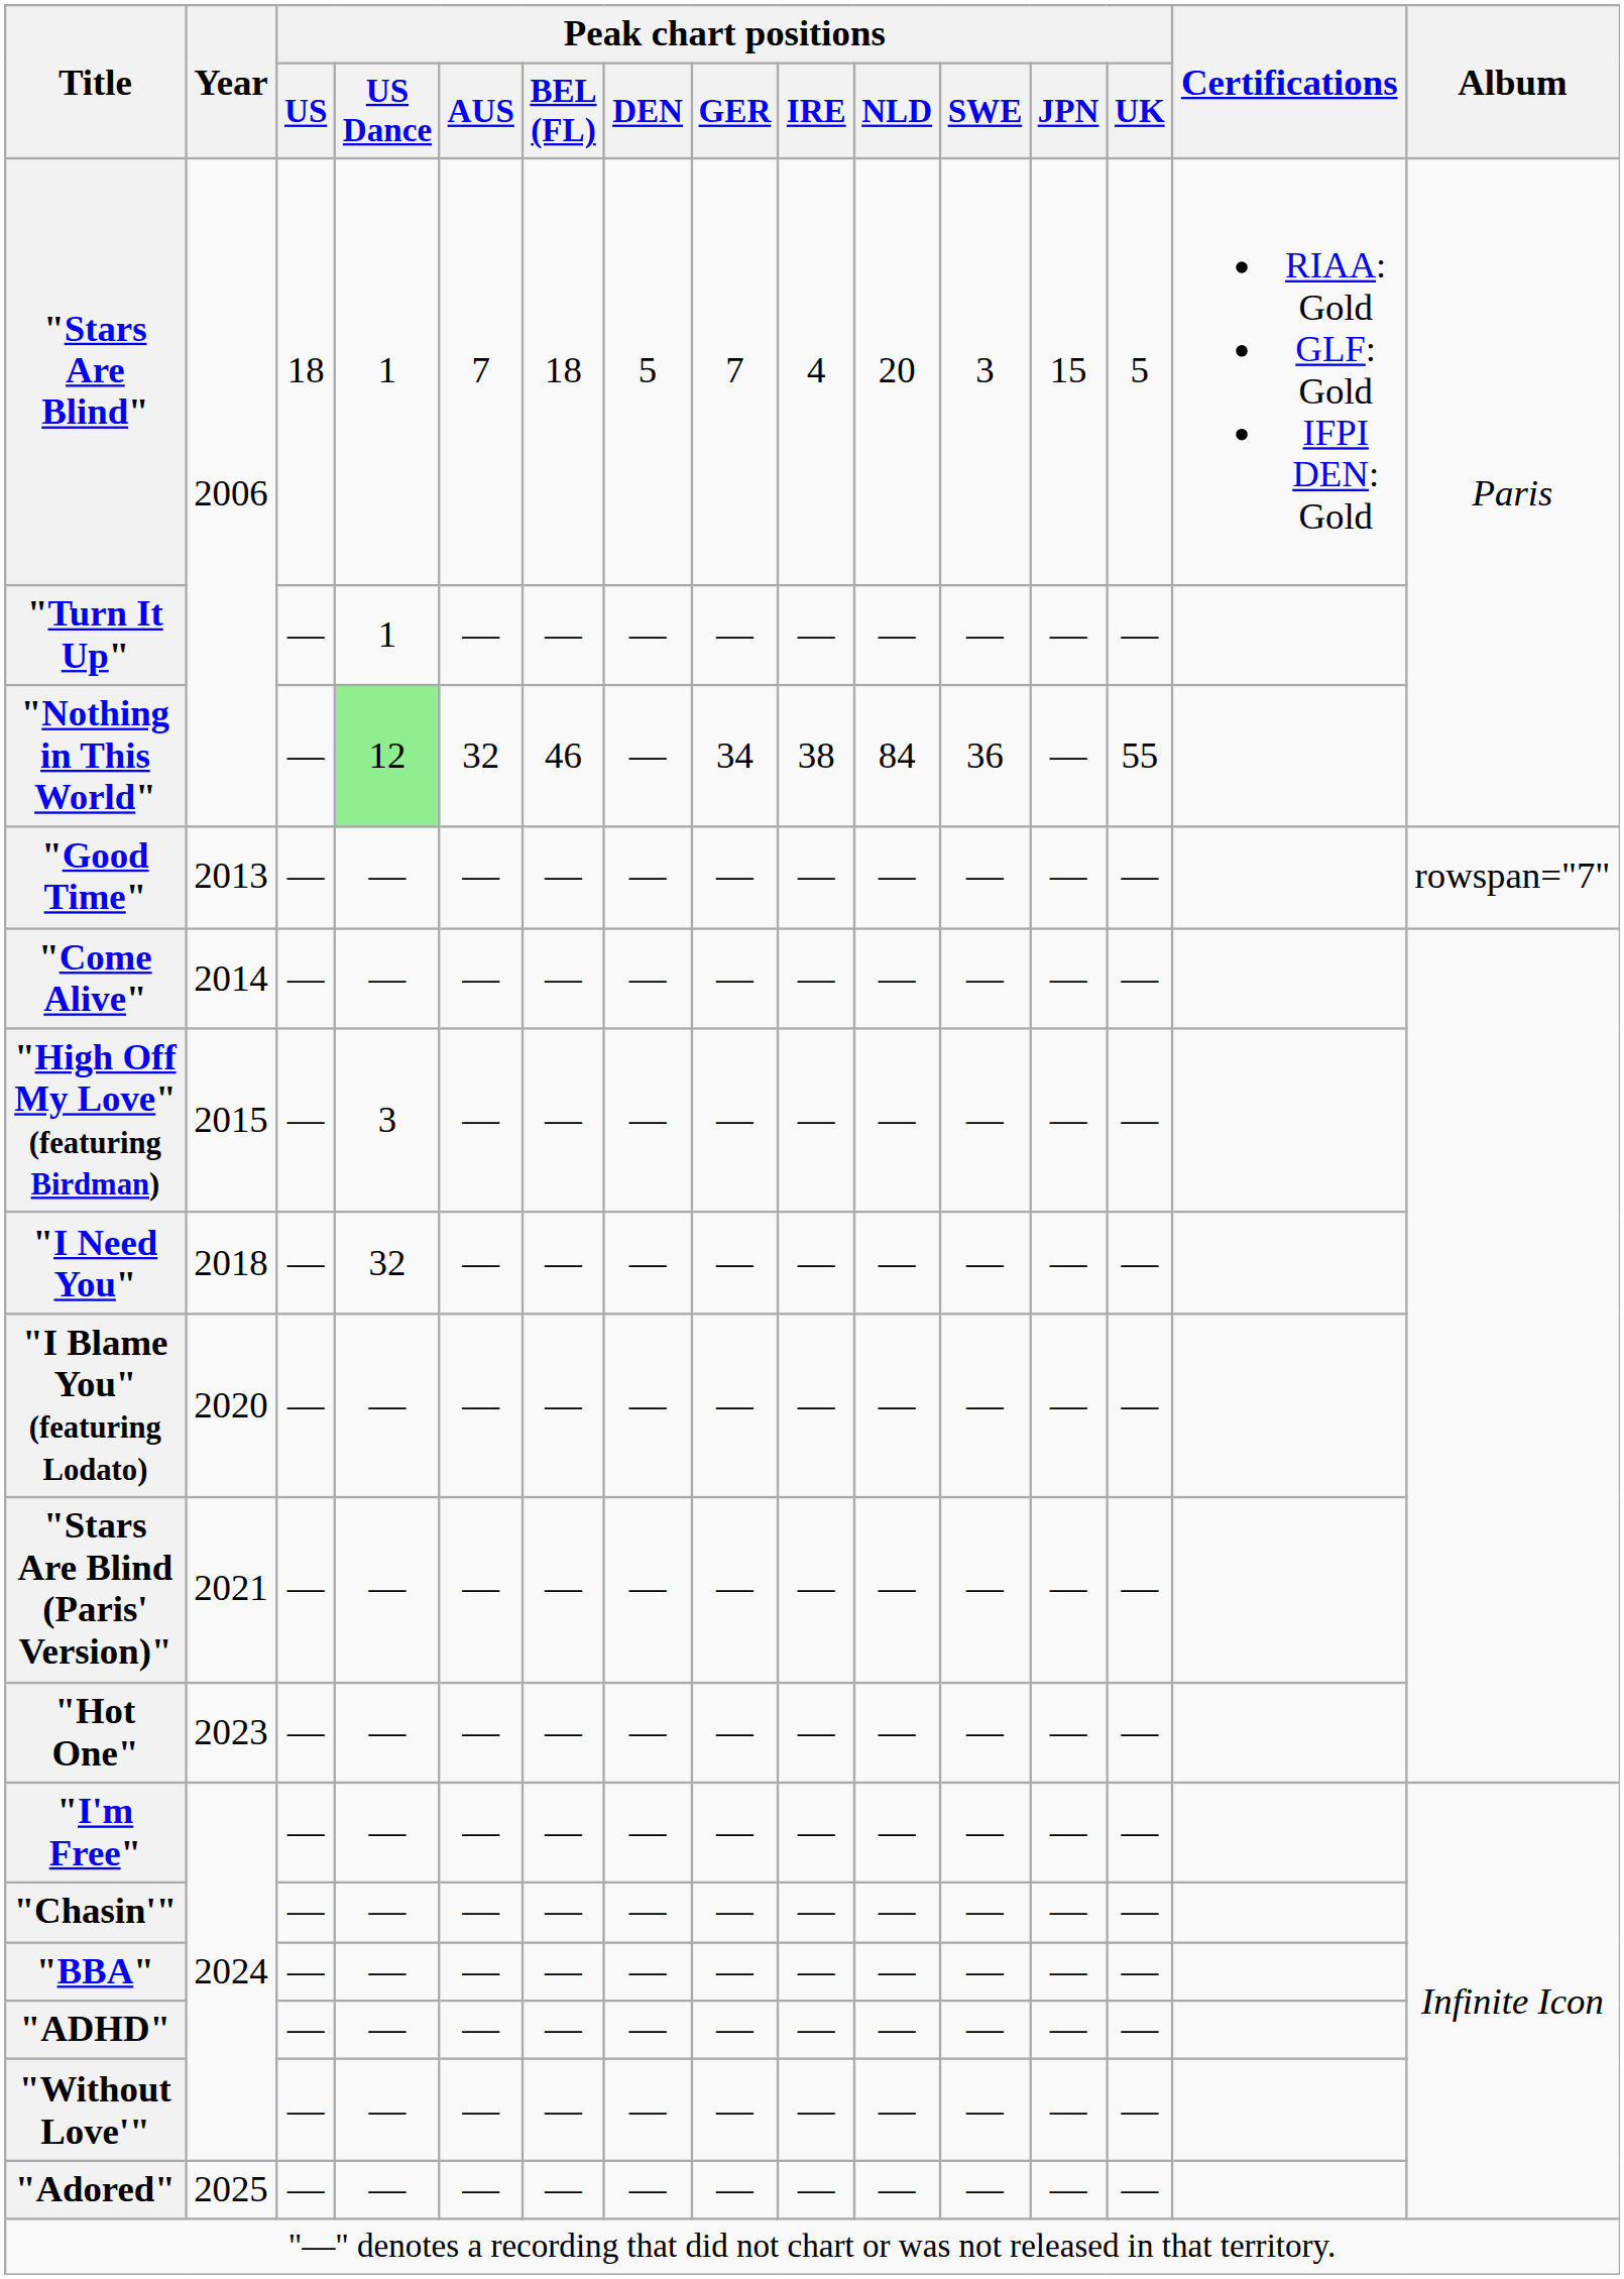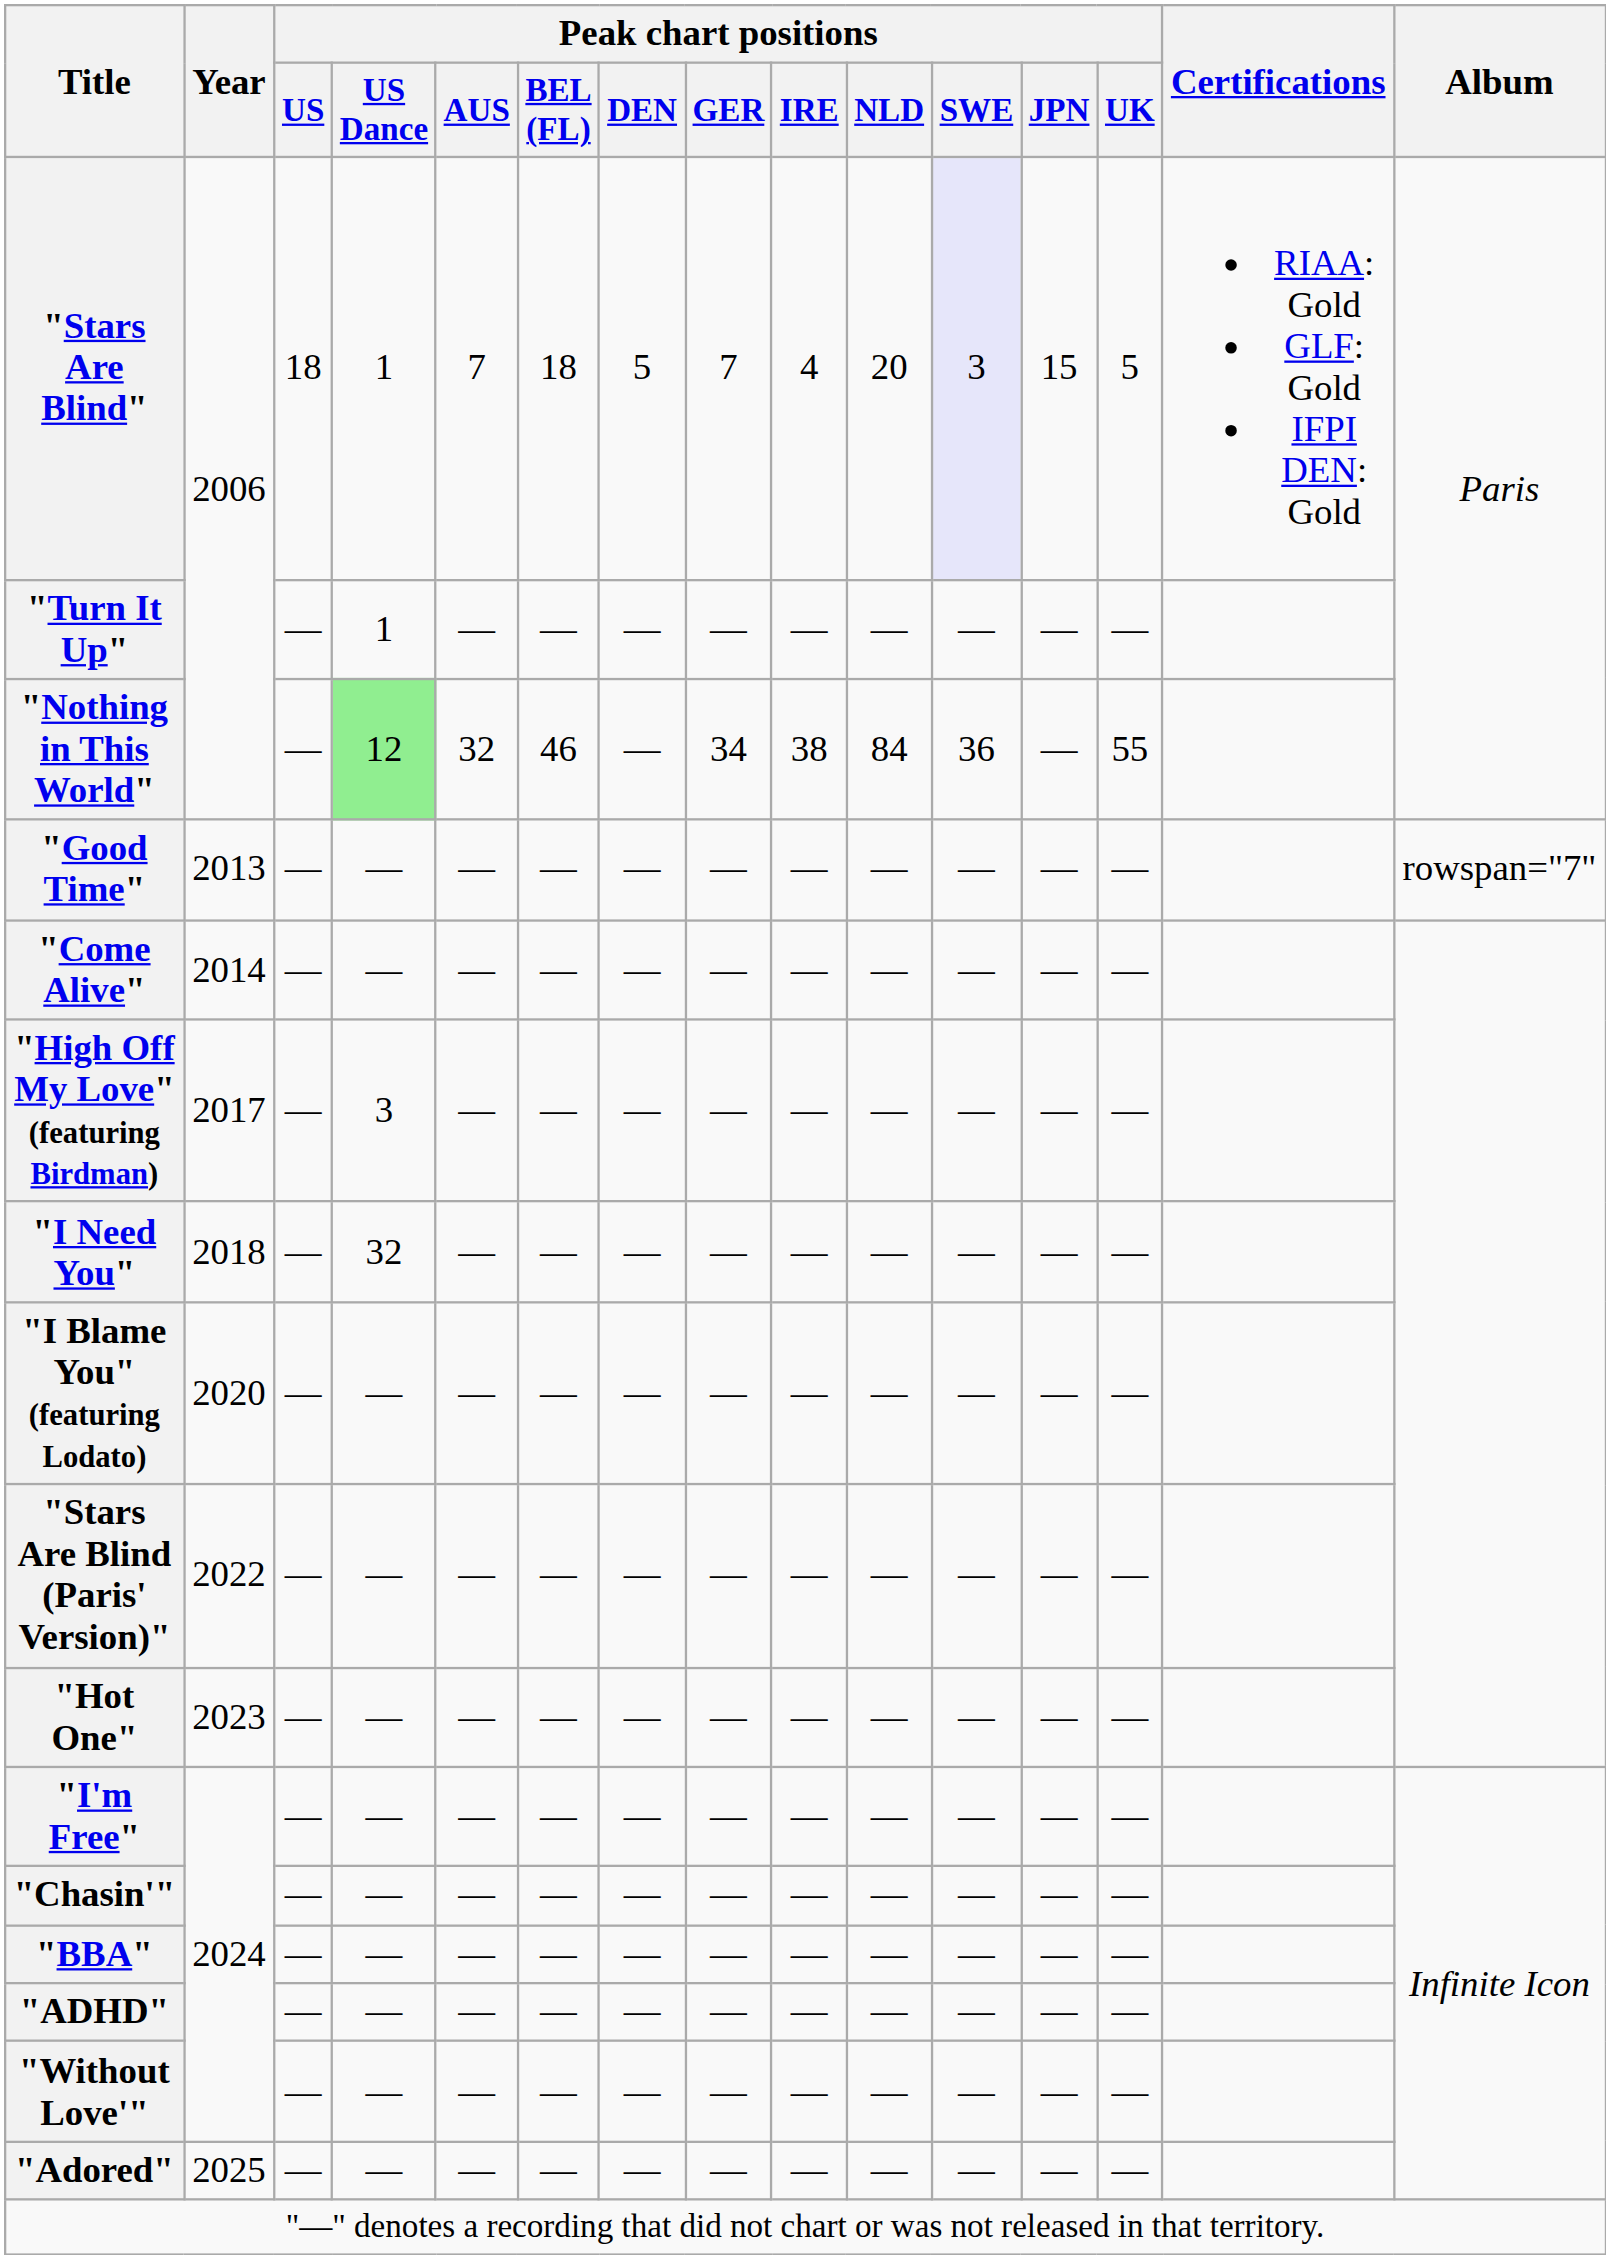 <table class="wikitable plainrowheaders" style="text-align:center;">
 <tr>
 <th scope="col" rowspan="2" style="width:17.5em;">Title</th>
 <th scope="col" rowspan="2">Year</th>
 <th scope="col" colspan="11">Peak chart positions</th>
 <th scope="col" rowspan="2" style="width:10em;"><a href='#'>Certifications</a></th>
 <th scope="col" rowspan="2">Album</th>
 </tr>
 <tr>
 <th scope="col" style="width:2.5em; font-size:90%;"><a href='#'>US</a><br></th>
 <th scope="col" style="width:2.5em; font-size:90%;"><a href='#'>US<br>Dance</a><br></th>
 <th scope="col" style="width:2.5em; font-size:90%;"><a href='#'>AUS</a><br></th>
 <th scope="col" style="width:2.5em; font-size:90%;"><a href='#'>BEL<br>(FL)</a><br></th>
 <th scope="col" style="width:2.5em; font-size:90%;"><a href='#'>DEN</a><br></th>
 <th scope="col" style="width:2.5em; font-size:90%;"><a href='#'>GER</a><br></th>
 <th scope="col" style="width:2.5em; font-size:90%;"><a href='#'>IRE</a><br></th>
 <th scope="col" style="width:2.5em; font-size:90%;"><a href='#'>NLD</a><br></th>
 <th scope="col" style="width:2.5em; font-size:90%;"><a href='#'>SWE</a><br></th>
 <th scope="col" style="width:2.5em; font-size:90%;"><a href='#'>JPN</a><br></th>
 <th scope="col" style="width:2.5em; font-size:90%;"><a href='#'>UK</a><br></th>
 </tr>
 <tr>
 <th scope="row">"<a href='#'>Stars Are Blind</a>"</th>
 <td rowspan="3">2006</td>
 <td>18</td>
 <td>1</td>
 <td>7</td>
 <td>18</td>
 <td>5</td>
 <td>7</td>
 <td>4</td>
 <td>20</td>
-<td>3</td>
+<td style="background: lavender;">3</td>
 <td>15</td>
 <td>5</td>
 <td><br><ul><li><a href='#'>RIAA</a>: Gold</li><li><a href='#'>GLF</a>: Gold</li><li><a href='#'>IFPI DEN</a>: Gold</li></ul></td>
 <td rowspan="3"><em>Paris</em></td>
 </tr>
 <tr>
 <th scope="row">"<a href='#'>Turn It Up</a>"</th>
 <td>—</td>
 <td>1</td>
 <td>—</td>
 <td>—</td>
 <td>—</td>
 <td>—</td>
 <td>—</td>
 <td>—</td>
 <td>—</td>
 <td>—</td>
 <td>—</td>
 </tr>
 <tr>
 <th scope="row">"<a href='#'>Nothing in This World</a>"</th>
 <td>—</td>
 <td style="background: lightgreen;">12</td>
 <td>32</td>
 <td>46</td>
 <td>—</td>
 <td>34</td>
 <td>38</td>
 <td>84</td>
 <td>36</td>
 <td>—</td>
 <td>55</td>
 <td></td>
 </tr>
 <tr>
 <th scope="row">"<a href='#'>Good Time</a>"<br></th>
 <td>2013</td>
 <td>—</td>
 <td>—</td>
 <td>—</td>
 <td>—</td>
 <td>—</td>
 <td>—</td>
 <td>—</td>
 <td>—</td>
 <td>—</td>
 <td>—</td>
 <td>—</td>
 <td></td>
 <td>rowspan="7" </td>
 </tr>
 <tr>
 <th scope="row">"<a href='#'>Come Alive</a>"</th>
 <td>2014</td>
 <td>—</td>
 <td>—</td>
 <td>—</td>
 <td>—</td>
 <td>—</td>
 <td>—</td>
 <td>—</td>
 <td>—</td>
 <td>—</td>
 <td>—</td>
 <td>—</td>
 <td></td>
 </tr>
 <tr>
 <th scope="row">"<a href='#'>High Off My Love</a>"<br><small>(featuring <a href='#'>Birdman</a>)</small></th>
-<td>2015</td>
+<td>2017</td>
 <td>—</td>
 <td>3</td>
 <td>—</td>
 <td>—</td>
 <td>—</td>
 <td>—</td>
 <td>—</td>
 <td>—</td>
 <td>—</td>
 <td>—</td>
 <td>—</td>
 <td></td>
 </tr>
 <tr>
 <th scope="row">"<a href='#'>I Need You</a>"</th>
 <td>2018</td>
 <td>—</td>
 <td>32</td>
 <td>—</td>
 <td>—</td>
 <td>—</td>
 <td>—</td>
 <td>—</td>
 <td>—</td>
 <td>—</td>
 <td>—</td>
 <td>—</td>
 <td></td>
 </tr>
 <tr>
 <th scope="row">"I Blame You"<br><small>(featuring Lodato)</small></th>
 <td>2020</td>
 <td>—</td>
 <td>—</td>
 <td>—</td>
 <td>—</td>
 <td>—</td>
 <td>—</td>
 <td>—</td>
 <td>—</td>
 <td>—</td>
 <td>—</td>
 <td>—</td>
 <td></td>
 </tr>
 <tr>
 <th scope="row">"Stars Are Blind (Paris' Version)"<br></th>
-<td>2021</td>
+<td>2022</td>
 <td>—</td>
 <td>—</td>
 <td>—</td>
 <td>—</td>
 <td>—</td>
 <td>—</td>
 <td>—</td>
 <td>—</td>
 <td>—</td>
 <td>—</td>
 <td>—</td>
 <td></td>
 </tr>
 <tr>
 <th scope="row">"Hot One"</th>
 <td>2023</td>
 <td>—</td>
 <td>—</td>
 <td>—</td>
 <td>—</td>
 <td>—</td>
 <td>—</td>
 <td>—</td>
 <td>—</td>
 <td>—</td>
 <td>—</td>
 <td>—</td>
 <td></td>
 </tr>
 <tr>
 <th scope="row">"<a href='#'>I'm Free</a>"<br></th>
 <td rowspan="5">2024</td>
 <td>—</td>
 <td>—</td>
 <td>—</td>
 <td>—</td>
 <td>—</td>
 <td>—</td>
 <td>—</td>
 <td>—</td>
 <td>—</td>
 <td>—</td>
 <td>—</td>
 <td></td>
 <td rowspan="6"><em>Infinite Icon</em></td>
 </tr>
 <tr>
 <th scope="row">"Chasin'"<br></th>
 <td>—</td>
 <td>—</td>
 <td>—</td>
 <td>—</td>
 <td>—</td>
 <td>—</td>
 <td>—</td>
 <td>—</td>
 <td>—</td>
 <td>—</td>
 <td>—</td>
 <td></td>
 </tr>
 <tr>
 <th scope="row">"<a href='#'>BBA</a>"<br> </th>
 <td>—</td>
 <td>—</td>
 <td>—</td>
 <td>—</td>
 <td>—</td>
 <td>—</td>
 <td>—</td>
 <td>—</td>
 <td>—</td>
 <td>—</td>
 <td>—</td>
 <td></td>
 </tr>
 <tr>
 <th scope="row">"ADHD"</th>
 <td>—</td>
 <td>—</td>
 <td>—</td>
 <td>—</td>
 <td>—</td>
 <td>—</td>
 <td>—</td>
 <td>—</td>
 <td>—</td>
 <td>—</td>
 <td>—</td>
 <td></td>
 </tr>
 <tr>
 <th scope="row">"Without Love'"<br></th>
 <td>—</td>
 <td>—</td>
 <td>—</td>
 <td>—</td>
 <td>—</td>
 <td>—</td>
 <td>—</td>
 <td>—</td>
 <td>—</td>
 <td>—</td>
 <td>—</td>
 <td></td>
 </tr>
 <tr>
 <th scope="row">"Adored"</th>
 <td>2025</td>
 <td>—</td>
 <td>—</td>
 <td>—</td>
 <td>—</td>
 <td>—</td>
 <td>—</td>
 <td>—</td>
 <td>—</td>
 <td>—</td>
 <td>—</td>
 <td>—</td>
 <td></td>
 </tr>
 <tr>
 <td colspan="18" style="font-size:90%">"—" denotes a recording that did not chart or was not released in that territory.</td>
 </tr>
 </table>
